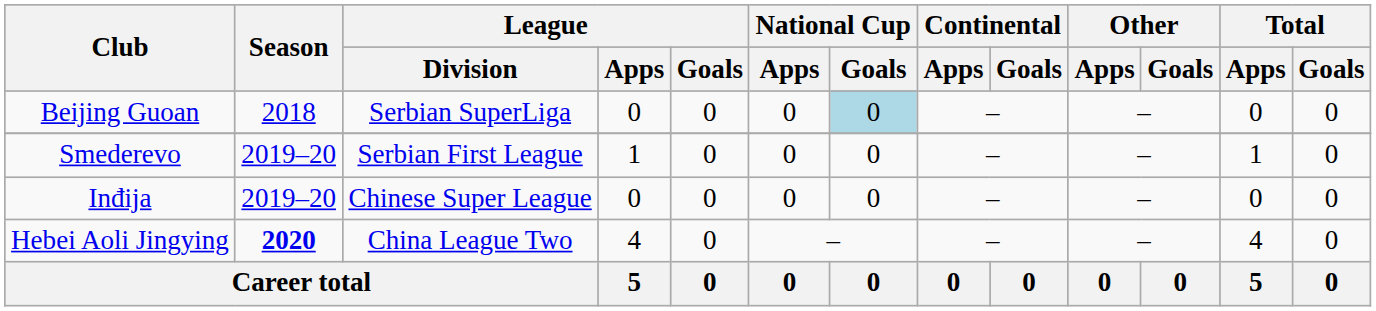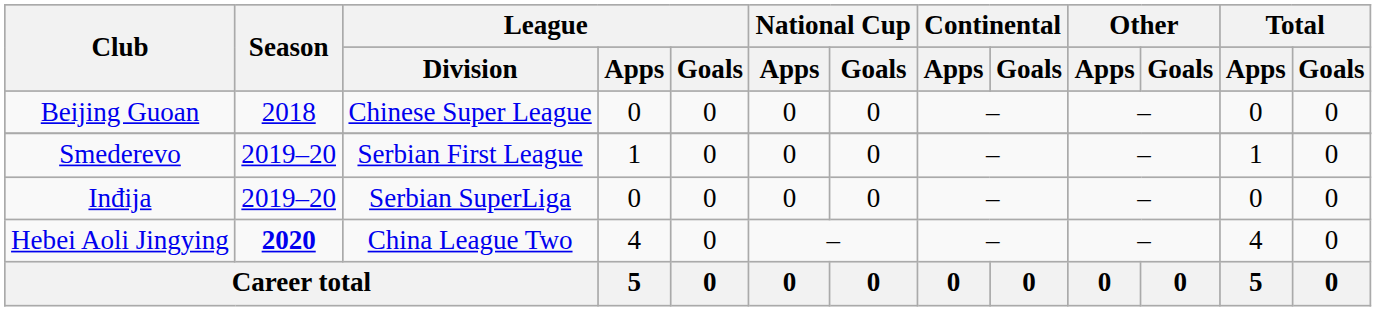 <table class="wikitable" style="text-align: center">
 <tr>
 <th rowspan="2">Club</th>
 <th rowspan="2">Season</th>
 <th colspan="3">League</th>
 <th colspan="2">National Cup</th>
 <th colspan="2">Continental</th>
 <th colspan="2">Other</th>
 <th colspan="2">Total</th>
 </tr>
 <tr>
 <th>Division</th>
 <th>Apps</th>
 <th>Goals</th>
 <th>Apps</th>
 <th>Goals</th>
 <th>Apps</th>
 <th>Goals</th>
 <th>Apps</th>
 <th>Goals</th>
 <th>Apps</th>
 <th>Goals</th>
 </tr>
 <tr>
 <td><a href='#'>Beijing Guoan</a></td>
 <td><a href='#'>2018</a></td>
-<td><a href='#'>Serbian SuperLiga</a></td>
+<td><a href='#'>Chinese Super League</a></td>
 <td>0</td>
 <td>0</td>
 <td>0</td>
-<td style="background: lightblue;">0</td>
+<td>0</td>
 <td colspan="2">–</td>
 <td colspan="2">–</td>
 <td>0</td>
 <td>0</td>
 </tr>
 <tr>
 </tr>
 <tr>
 <td><a href='#'>Smederevo</a></td>
 <td><a href='#'>2019–20</a></td>
 <td><a href='#'>Serbian First League</a></td>
 <td>1</td>
 <td>0</td>
 <td>0</td>
 <td>0</td>
 <td colspan="2">–</td>
 <td colspan="2">–</td>
 <td>1</td>
 <td>0</td>
 </tr>
 <tr>
 <td><a href='#'>Inđija</a></td>
 <td><a href='#'>2019–20</a></td>
-<td><a href='#'>Chinese Super League</a></td>
+<td><a href='#'>Serbian SuperLiga</a></td>
 <td>0</td>
 <td>0</td>
 <td>0</td>
 <td>0</td>
 <td colspan="2">–</td>
 <td colspan="2">–</td>
 <td>0</td>
 <td>0</td>
 </tr>
 <tr>
 <td><a href='#'>Hebei Aoli Jingying</a></td>
 <td><strong><a href='#'>2020</a></strong></td>
 <td><a href='#'>China League Two</a></td>
 <td>4</td>
 <td>0</td>
 <td colspan="2">–</td>
 <td colspan="2">–</td>
 <td colspan="2">–</td>
 <td>4</td>
 <td>0</td>
 </tr>
 <tr>
 <th colspan=3>Career total</th>
 <th>5</th>
 <th>0</th>
 <th>0</th>
 <th>0</th>
 <th>0</th>
 <th>0</th>
 <th>0</th>
 <th>0</th>
 <th>5</th>
 <th>0</th>
 </tr>
 </table>
